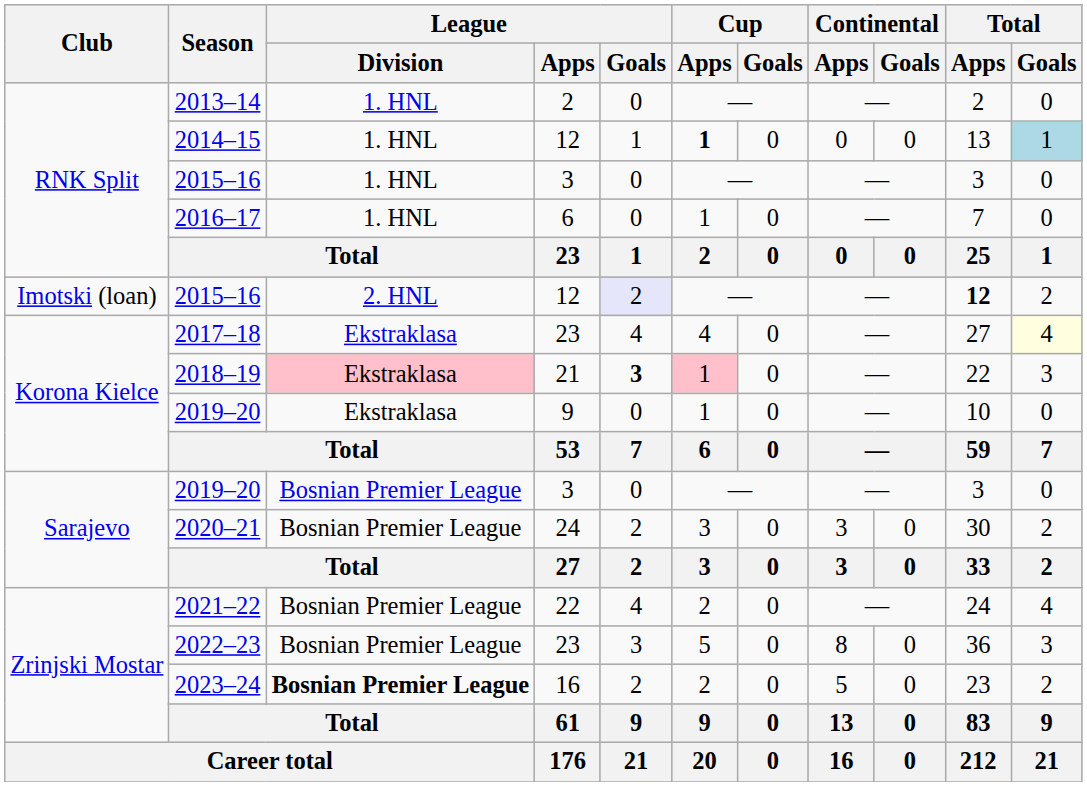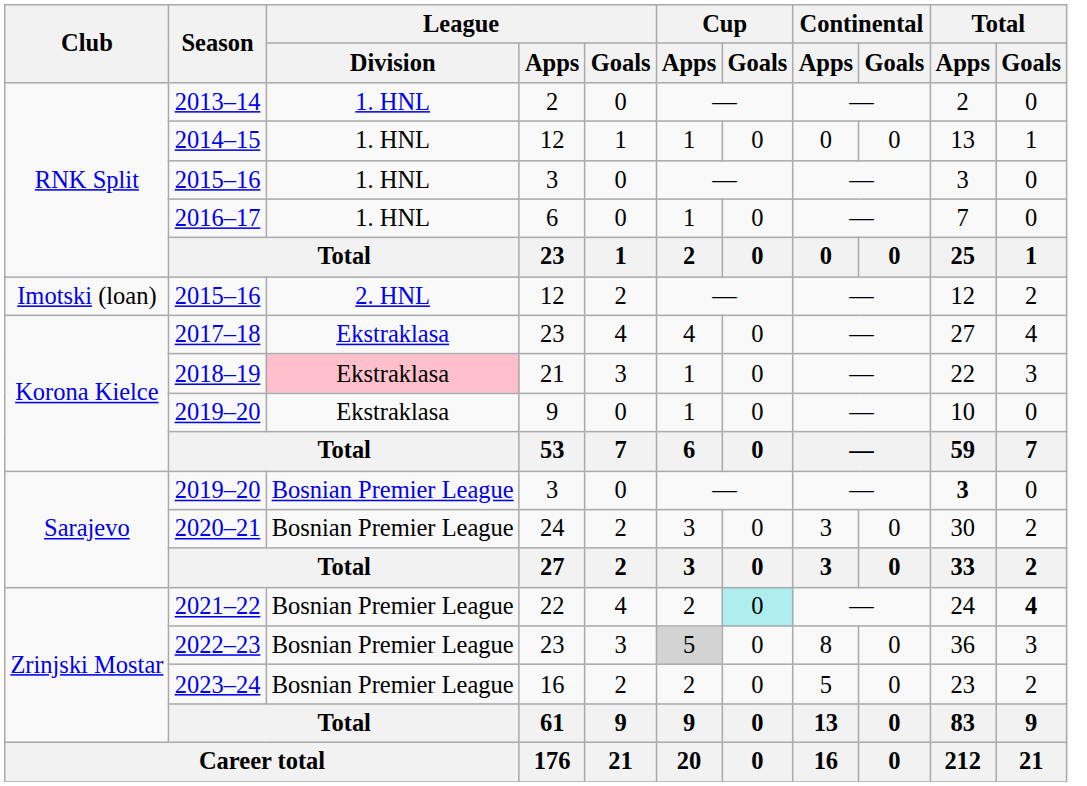 <table class=wikitable style="text-align: center;">
 <tr>
 <th rowspan=2>Club</th>
 <th rowspan=2>Season</th>
 <th colspan=3>League</th>
 <th colspan=2>Cup</th>
 <th colspan=2>Continental</th>
 <th colspan=2>Total</th>
 </tr>
 <tr>
 <th>Division</th>
 <th>Apps</th>
 <th>Goals</th>
 <th>Apps</th>
 <th>Goals</th>
 <th>Apps</th>
 <th>Goals</th>
 <th>Apps</th>
 <th>Goals</th>
 </tr>
 <tr>
 <td rowspan=5><a href='#'>RNK Split</a></td>
 <td><a href='#'>2013–14</a></td>
 <td><a href='#'>1. HNL</a></td>
 <td>2</td>
 <td>0</td>
 <td colspan=2>—</td>
 <td colspan=2>—</td>
 <td>2</td>
 <td>0</td>
 </tr>
 <tr>
 <td><a href='#'>2014–15</a></td>
 <td>1. HNL</td>
 <td>12</td>
 <td>1</td>
-<td><strong>1</strong></td>
+<td>1</td>
 <td>0</td>
 <td>0</td>
 <td>0</td>
 <td>13</td>
-<td style="background: lightblue;">1</td>
+<td>1</td>
 </tr>
 <tr>
 <td><a href='#'>2015–16</a></td>
 <td>1. HNL</td>
 <td>3</td>
 <td>0</td>
 <td colspan=2>—</td>
 <td colspan=2>—</td>
 <td>3</td>
 <td>0</td>
 </tr>
 <tr>
 <td><a href='#'>2016–17</a></td>
 <td>1. HNL</td>
 <td>6</td>
 <td>0</td>
 <td>1</td>
 <td>0</td>
 <td colspan=2>—</td>
 <td>7</td>
 <td>0</td>
 </tr>
 <tr>
 <th colspan=2>Total</th>
 <th>23</th>
 <th>1</th>
 <th>2</th>
 <th>0</th>
 <th>0</th>
 <th>0</th>
 <th>25</th>
 <th>1</th>
 </tr>
 <tr>
 <td><a href='#'>Imotski</a> (loan)</td>
 <td><a href='#'>2015–16</a></td>
 <td><a href='#'>2. HNL</a></td>
 <td>12</td>
-<td style="background: lavender;">2</td>
+<td>2</td>
 <td colspan=2>—</td>
 <td colspan=2>—</td>
-<td><strong>12</strong></td>
+<td>12</td>
 <td>2</td>
 </tr>
 <tr>
 <td rowspan=4><a href='#'>Korona Kielce</a></td>
 <td><a href='#'>2017–18</a></td>
 <td><a href='#'>Ekstraklasa</a></td>
 <td>23</td>
 <td>4</td>
 <td>4</td>
 <td>0</td>
 <td colspan=2>—</td>
 <td>27</td>
-<td style="background: lightyellow;">4</td>
+<td>4</td>
 </tr>
 <tr>
 <td><a href='#'>2018–19</a></td>
 <td style="background: pink;">Ekstraklasa</td>
 <td>21</td>
-<td><strong>3</strong></td>
-<td style="background: pink;">1</td>
+<td>3</td>
+<td>1</td>
 <td>0</td>
 <td colspan=2>—</td>
 <td>22</td>
 <td>3</td>
 </tr>
 <tr>
 <td><a href='#'>2019–20</a></td>
 <td>Ekstraklasa</td>
 <td>9</td>
 <td>0</td>
 <td>1</td>
 <td>0</td>
 <td colspan=2>—</td>
 <td>10</td>
 <td>0</td>
 </tr>
 <tr>
 <th colspan=2>Total</th>
 <th>53</th>
 <th>7</th>
 <th>6</th>
 <th>0</th>
 <th colspan=2>—</th>
 <th>59</th>
 <th>7</th>
 </tr>
 <tr>
 <td rowspan=3><a href='#'>Sarajevo</a></td>
 <td><a href='#'>2019–20</a></td>
 <td><a href='#'>Bosnian Premier League</a></td>
 <td>3</td>
 <td>0</td>
 <td colspan=2>—</td>
 <td colspan=2>—</td>
-<td>3</td>
+<td><strong>3</strong></td>
 <td>0</td>
 </tr>
 <tr>
 <td><a href='#'>2020–21</a></td>
 <td>Bosnian Premier League</td>
 <td>24</td>
 <td>2</td>
 <td>3</td>
 <td>0</td>
 <td>3</td>
 <td>0</td>
 <td>30</td>
 <td>2</td>
 </tr>
 <tr>
 <th colspan=2>Total</th>
 <th>27</th>
 <th>2</th>
 <th>3</th>
 <th>0</th>
 <th>3</th>
 <th>0</th>
 <th>33</th>
 <th>2</th>
 </tr>
 <tr>
 <td rowspan=4><a href='#'>Zrinjski Mostar</a></td>
 <td><a href='#'>2021–22</a></td>
 <td>Bosnian Premier League</td>
 <td>22</td>
 <td>4</td>
 <td>2</td>
-<td>0</td>
+<td style="background: paleturquoise;">0</td>
 <td colspan=2>—</td>
 <td>24</td>
-<td>4</td>
+<td><strong>4</strong></td>
 </tr>
 <tr>
 <td><a href='#'>2022–23</a></td>
 <td>Bosnian Premier League</td>
 <td>23</td>
 <td>3</td>
-<td>5</td>
+<td style="background: lightgrey;">5</td>
 <td>0</td>
 <td>8</td>
 <td>0</td>
 <td>36</td>
 <td>3</td>
 </tr>
 <tr>
 <td><a href='#'>2023–24</a></td>
-<td><strong>Bosnian Premier League</strong></td>
+<td>Bosnian Premier League</td>
 <td>16</td>
 <td>2</td>
 <td>2</td>
 <td>0</td>
 <td>5</td>
 <td>0</td>
 <td>23</td>
 <td>2</td>
 </tr>
 <tr>
 <th colspan=2>Total</th>
 <th>61</th>
 <th>9</th>
 <th>9</th>
 <th>0</th>
 <th>13</th>
 <th>0</th>
 <th>83</th>
 <th>9</th>
 </tr>
 <tr>
 <th colspan=3>Career total</th>
 <th>176</th>
 <th>21</th>
 <th>20</th>
 <th>0</th>
 <th>16</th>
 <th>0</th>
 <th>212</th>
 <th>21</th>
 </tr>
 </table>
